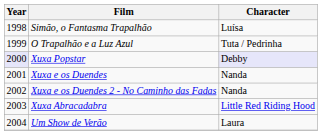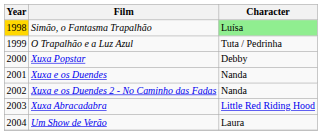 <table class="wikitable">
 <tr style="text-align:center;">
 <th>Year</th>
 <th>Film</th>
 <th>Character</th>
 </tr>
 <tr>
-<td>1998</td>
+<td style="background: gold;">1998</td>
 <td><em>Simão, o Fantasma Trapalhão</em></td>
-<td>Luísa</td>
+<td style="background: lightgreen;">Luísa</td>
 </tr>
 <tr>
 <td>1999</td>
 <td><em>O Trapalhão e a Luz Azul</em></td>
 <td>Tuta / Pedrinha</td>
 </tr>
 <tr>
-<td style="background: lavender;">2000</td>
+<td>2000</td>
 <td><em><a href='#'>Xuxa Popstar</a></em></td>
-<td style="background: lavender;">Debby</td>
+<td>Debby</td>
 </tr>
 <tr>
 <td>2001</td>
 <td><em><a href='#'>Xuxa e os Duendes</a></em></td>
 <td>Nanda</td>
 </tr>
 <tr>
 <td>2002</td>
 <td><em><a href='#'>Xuxa e os Duendes 2 - No Caminho das Fadas</a></em></td>
 <td>Nanda</td>
 </tr>
 <tr>
 <td>2003</td>
 <td><em><a href='#'>Xuxa Abracadabra</a></em></td>
 <td><a href='#'>Little Red Riding Hood</a></td>
 </tr>
 <tr>
 <td>2004</td>
 <td><em><a href='#'>Um Show de Verão</a></em></td>
 <td>Laura</td>
 </tr>
 <tr>
 </tr>
 </table>
